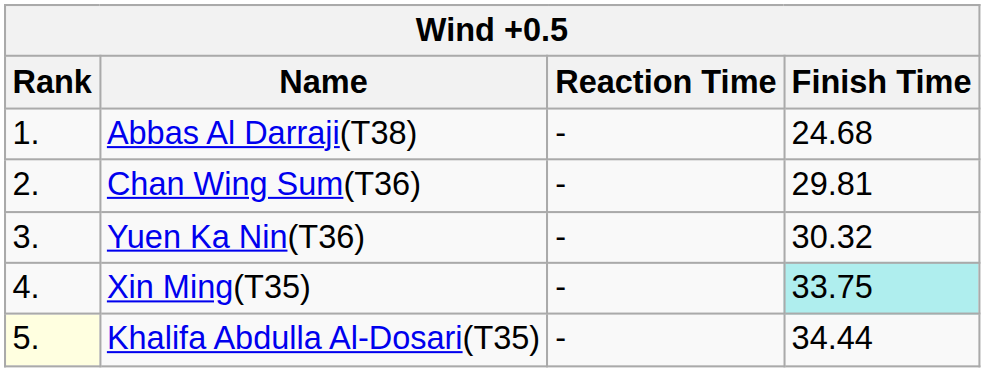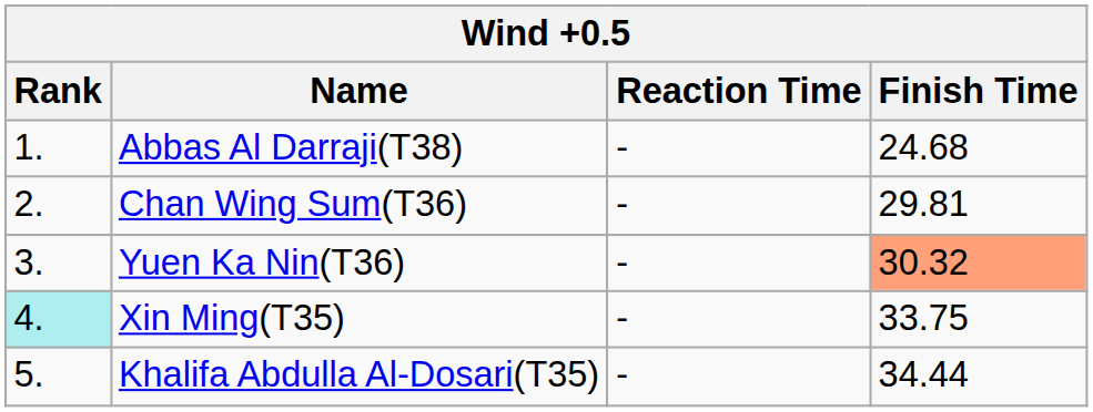 <table class="wikitable">
 <tr>
 <th colspan="4">Wind +0.5</th>
 </tr>
 <tr>
 <th>Rank</th>
 <th>Name</th>
 <th>Reaction Time</th>
 <th>Finish Time</th>
 </tr>
 <tr>
 <td>1.</td>
 <td><a href='#'>Abbas Al Darraji</a>(T38)<br></td>
 <td>-</td>
 <td>24.68</td>
 </tr>
 <tr>
 <td>2.</td>
 <td><a href='#'>Chan Wing Sum</a>(T36)<br></td>
 <td>-</td>
 <td>29.81</td>
 </tr>
 <tr>
 <td>3.</td>
 <td><a href='#'>Yuen Ka Nin</a>(T36)<br></td>
 <td>-</td>
-<td>30.32</td>
+<td style="background: lightsalmon;">30.32</td>
 </tr>
 <tr>
-<td>4.</td>
+<td style="background: paleturquoise;">4.</td>
 <td><a href='#'>Xin Ming</a>(T35)<br></td>
 <td>-</td>
-<td style="background: paleturquoise;">33.75</td>
+<td>33.75</td>
 </tr>
 <tr>
-<td style="background: lightyellow;">5.</td>
+<td>5.</td>
 <td><a href='#'>Khalifa Abdulla Al-Dosari</a>(T35)<br></td>
 <td>-</td>
 <td>34.44</td>
 </tr>
 </table>
